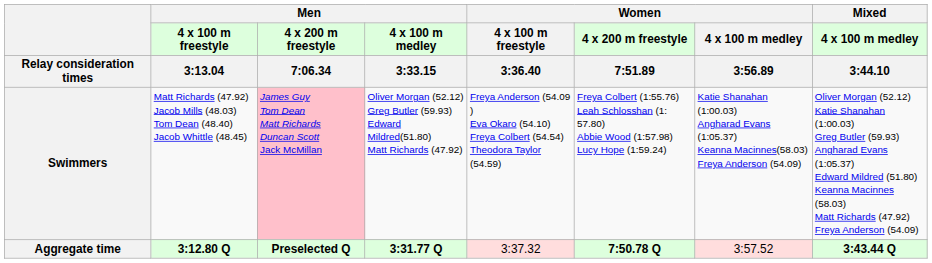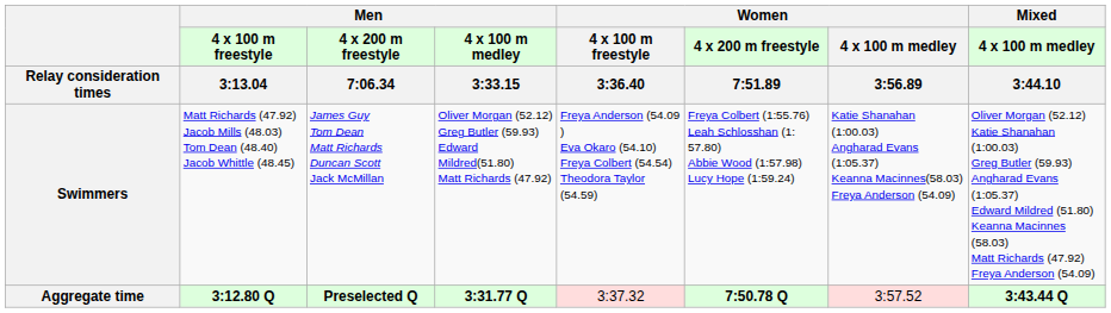 <table class="wikitable">
 <tr>
 <th rowspan="2"></th>
 <th colspan="3">Men</th>
 <th colspan="3">Women</th>
 <th>Mixed</th>
 </tr>
 <tr>
 <td align=center bgcolor=ddffdd><strong>4 x 100 m freestyle</strong></td>
 <td align=center bgcolor=ddffdd><strong>4 x 200 m freestyle</strong></td>
 <td align=center bgcolor=ddffdd><strong>4 x 100 m medley</strong></td>
 <th align=center bgcolor=ffdddd>4 x 100 m freestyle</th>
 <td align=center bgcolor=ddffdd><strong>4 x 200 m freestyle</strong></td>
 <th align=center bgcolor=ffdddd>4 x 100 m medley</th>
 <td align=center bgcolor=ddffdd><strong>4 x 100 m medley</strong></td>
 </tr>
 <tr>
 <th>Relay consideration times</th>
 <th>3:13.04</th>
 <th>7:06.34</th>
 <th>3:33.15</th>
 <th>3:36.40</th>
 <th>7:51.89</th>
 <th>3:56.89</th>
 <th>3:44.10</th>
 </tr>
 <tr valign=top>
 <th valign=middle>Swimmers</th>
 <td><small><a href='#'>Matt Richards</a> (47.92)<br><a href='#'>Jacob Mills</a> (48.03)<br><a href='#'>Tom Dean</a> (48.40)<br><a href='#'>Jacob Whittle</a> (48.45)</small></td>
-<td style="background: pink;"><small><em><a href='#'>James Guy</a><br><a href='#'>Tom Dean</a><br><a href='#'>Matt Richards</a><br><a href='#'>Duncan Scott</a></em><br><a href='#'>Jack McMillan</a></small></td>
+<td><small><em><a href='#'>James Guy</a><br><a href='#'>Tom Dean</a><br><a href='#'>Matt Richards</a><br><a href='#'>Duncan Scott</a></em><br><a href='#'>Jack McMillan</a></small></td>
 <td><small><a href='#'>Oliver Morgan</a> (52.12)<br><a href='#'>Greg Butler</a> (59.93)<br><a href='#'>Edward Mildred</a>(51.80)<br><a href='#'>Matt Richards</a> (47.92)</small></td>
 <td><small><a href='#'>Freya Anderson</a> (54.09 )<br><a href='#'>Eva Okaro</a> (54.10)<br><a href='#'>Freya Colbert</a> (54.54)<br><a href='#'>Theodora Taylor</a> (54.59)</small></td>
 <td><small><a href='#'>Freya Colbert</a> (1:55.76)<br><a href='#'>Leah Schlosshan</a> (1: 57.80)<br><a href='#'>Abbie Wood</a> (1:57.98)<br><a href='#'>Lucy Hope</a> (1:59.24)</small></td>
 <td><small><a href='#'>Katie Shanahan</a> (1:00.03)<br><a href='#'>Angharad Evans</a> (1:05.37)<br><a href='#'>Keanna Macinnes</a>(58.03)<br><a href='#'>Freya Anderson</a> (54.09)</small></td>
 <td><small><a href='#'>Oliver Morgan</a> (52.12)<br><a href='#'>Katie Shanahan</a> (1:00.03)<br><a href='#'>Greg Butler</a> (59.93)<br><a href='#'>Angharad Evans</a> (1:05.37)<br><a href='#'>Edward Mildred</a> (51.80)<br><a href='#'>Keanna Macinnes</a> (58.03)<br><a href='#'>Matt Richards</a> (47.92)<br><a href='#'>Freya Anderson</a> (54.09)<br></small></td>
 </tr>
 <tr align=center>
 <th>Aggregate time</th>
 <td bgcolor=ddffdd><strong>3:12.80 Q</strong></td>
 <td bgcolor=ddffdd><strong>Preselected Q</strong></td>
 <td bgcolor=ddffdd><strong>3:31.77 Q</strong></td>
 <td align=center bgcolor=ffdddd>3:37.32</td>
 <td bgcolor=ddffdd><strong>7:50.78 Q</strong></td>
 <td align=center bgcolor=ffdddd>3:57.52</td>
 <td bgcolor=ddffdd><strong>3:43.44 Q</strong></td>
 </tr>
 </table>
